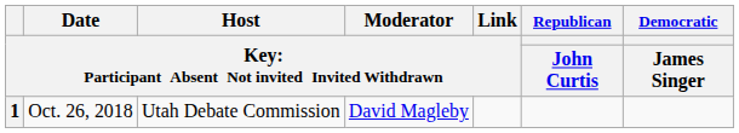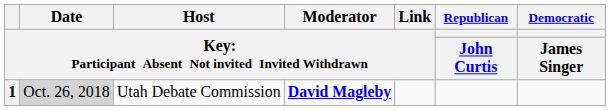 <table class="wikitable" style="text-align:center;">
 <tr>
 <th scope="col"></th>
 <th scope="col">Date</th>
 <th scope="col">Host</th>
 <th scope="col">Moderator</th>
 <th scope="col">Link</th>
 <th scope="col"><small><a href='#'>Republican</a></small></th>
 <th scope="col"><small><a href='#'>Democratic</a></small></th>
 </tr>
 <tr>
 <th colspan="5" rowspan="2">Key:<br> <small>Participant </small>  <small>Absent </small>  <small>Not invited </small>  <small>Invited  Withdrawn</small></th>
 <th scope="col" style="background:"></th>
 <th scope="col" style="background:"></th>
 </tr>
 <tr>
 <th scope="col"><a href='#'>John Curtis</a></th>
 <th scope="col">James Singer</th>
 </tr>
 <tr>
 <th>1</th>
-<td style="white-space:nowrap;">Oct. 26, 2018</td>
+<td style="background: lightgrey; white-space:nowrap;">Oct. 26, 2018</td>
 <td style="white-space:nowrap;">Utah Debate Commission</td>
-<td style="white-space:nowrap;"><a href='#'>David Magleby</a></td>
+<td style="white-space:nowrap;"><strong><a href='#'>David Magleby</a></strong></td>
 <td style="white-space:nowrap;"></td>
 <td></td>
 <td></td>
 </tr>
 </table>
